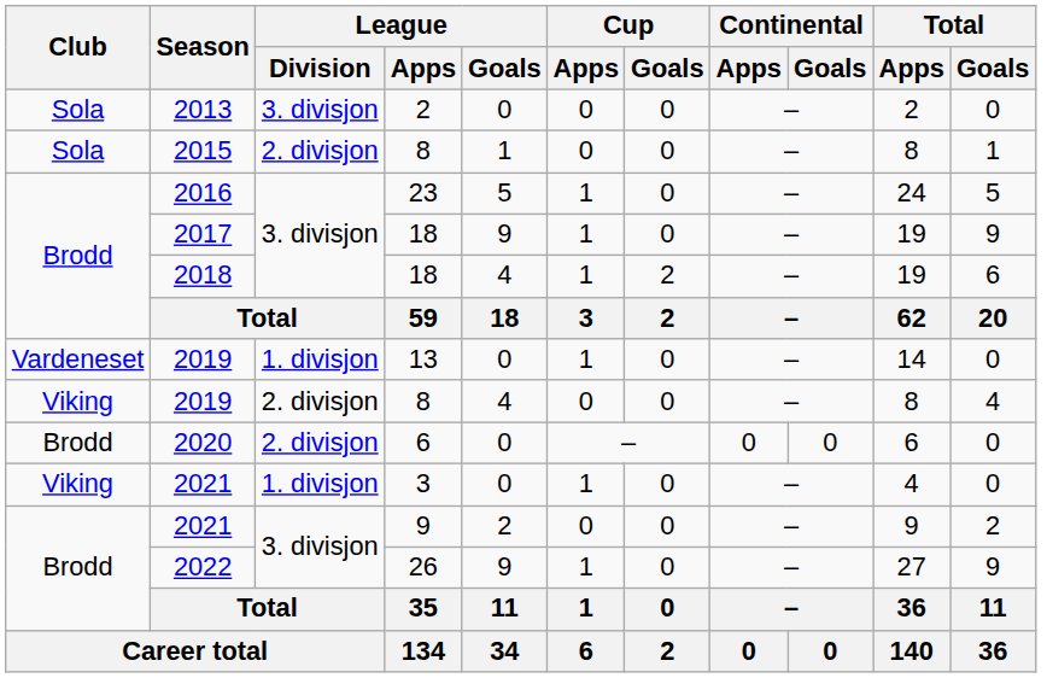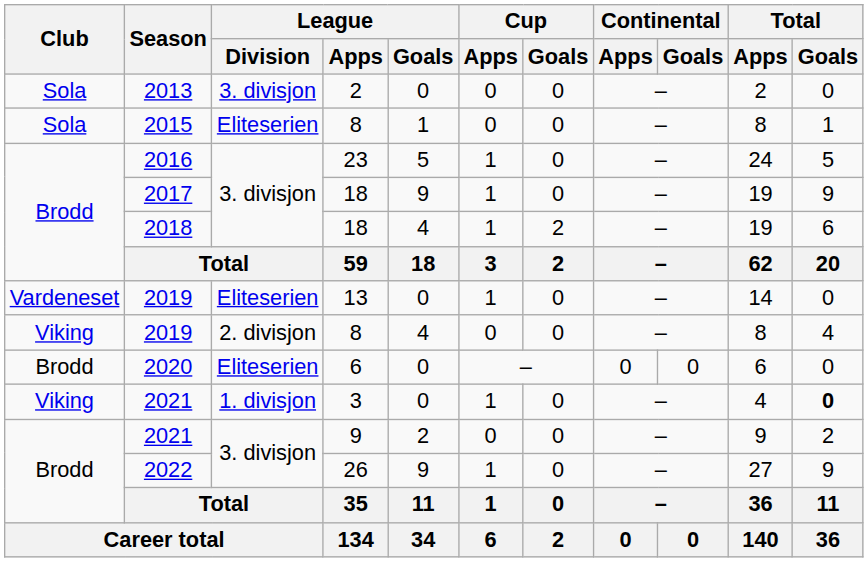 <table class="wikitable" style="text-align: center">
 <tr>
 <th rowspan="2">Club</th>
 <th rowspan="2">Season</th>
 <th colspan="3">League</th>
 <th colspan="2">Cup</th>
 <th colspan="2">Continental</th>
 <th colspan="2">Total</th>
 </tr>
 <tr>
 <th>Division</th>
 <th>Apps</th>
 <th>Goals</th>
 <th>Apps</th>
 <th>Goals</th>
 <th>Apps</th>
 <th>Goals</th>
 <th>Apps</th>
 <th>Goals</th>
 </tr>
 <tr>
 <td><a href='#'>Sola</a></td>
 <td><a href='#'>2013</a></td>
 <td><a href='#'>3. divisjon</a></td>
 <td>2</td>
 <td>0</td>
 <td>0</td>
 <td>0</td>
 <td colspan="2">–</td>
 <td>2</td>
 <td>0</td>
 </tr>
 <tr>
 <td><a href='#'>Sola</a></td>
 <td><a href='#'>2015</a></td>
-<td><a href='#'>2. divisjon</a></td>
+<td><a href='#'>Eliteserien</a></td>
 <td>8</td>
 <td>1</td>
 <td>0</td>
 <td>0</td>
 <td colspan="2">–</td>
 <td>8</td>
 <td>1</td>
 </tr>
 <tr>
 <td rowspan="4"><a href='#'>Brodd</a></td>
 <td><a href='#'>2016</a></td>
 <td rowspan="3">3. divisjon</td>
 <td>23</td>
 <td>5</td>
 <td>1</td>
 <td>0</td>
 <td colspan="2">–</td>
 <td>24</td>
 <td>5</td>
 </tr>
 <tr>
 <td><a href='#'>2017</a></td>
 <td>18</td>
 <td>9</td>
 <td>1</td>
 <td>0</td>
 <td colspan="2">–</td>
 <td>19</td>
 <td>9</td>
 </tr>
 <tr>
 <td><a href='#'>2018</a></td>
 <td>18</td>
 <td>4</td>
 <td>1</td>
 <td>2</td>
 <td colspan="2">–</td>
 <td>19</td>
 <td>6</td>
 </tr>
 <tr>
 <th colspan=2>Total</th>
 <th>59</th>
 <th>18</th>
 <th>3</th>
 <th>2</th>
 <th colspan="2">–</th>
 <th>62</th>
 <th>20</th>
 </tr>
 <tr>
 <td><a href='#'>Vardeneset</a></td>
 <td><a href='#'>2019</a></td>
-<td><a href='#'>1. divisjon</a></td>
+<td><a href='#'>Eliteserien</a></td>
 <td>13</td>
 <td>0</td>
 <td>1</td>
 <td>0</td>
 <td colspan="2">–</td>
 <td>14</td>
 <td>0</td>
 </tr>
 <tr>
 <td><a href='#'>Viking</a></td>
 <td><a href='#'>2019</a></td>
 <td>2. divisjon</td>
 <td>8</td>
 <td>4</td>
 <td>0</td>
 <td>0</td>
 <td colspan="2">–</td>
 <td>8</td>
 <td>4</td>
 </tr>
 <tr>
 <td>Brodd</td>
 <td><a href='#'>2020</a></td>
-<td><a href='#'>2. divisjon</a></td>
+<td><a href='#'>Eliteserien</a></td>
 <td>6</td>
 <td>0</td>
 <td colspan="2">–</td>
 <td>0</td>
 <td>0</td>
 <td>6</td>
 <td>0</td>
 </tr>
 <tr>
 <td><a href='#'>Viking</a></td>
 <td><a href='#'>2021</a></td>
 <td><a href='#'>1. divisjon</a></td>
 <td>3</td>
 <td>0</td>
 <td>1</td>
 <td>0</td>
 <td colspan="2">–</td>
 <td>4</td>
-<td>0</td>
+<td><strong>0</strong></td>
 </tr>
 <tr>
 <td rowspan="3">Brodd</td>
 <td><a href='#'>2021</a></td>
 <td rowspan="2">3. divisjon</td>
 <td>9</td>
 <td>2</td>
 <td>0</td>
 <td>0</td>
 <td colspan="2">–</td>
 <td>9</td>
 <td>2</td>
 </tr>
 <tr>
 <td><a href='#'>2022</a></td>
 <td>26</td>
 <td>9</td>
 <td>1</td>
 <td>0</td>
 <td colspan="2">–</td>
 <td>27</td>
 <td>9</td>
 </tr>
 <tr>
 <th colspan=2>Total</th>
 <th>35</th>
 <th>11</th>
 <th>1</th>
 <th>0</th>
 <th colspan="2">–</th>
 <th>36</th>
 <th>11</th>
 </tr>
 <tr>
 <th colspan=3>Career total</th>
 <th>134</th>
 <th>34</th>
 <th>6</th>
 <th>2</th>
 <th>0</th>
 <th>0</th>
 <th>140</th>
 <th>36</th>
 </tr>
 </table>
